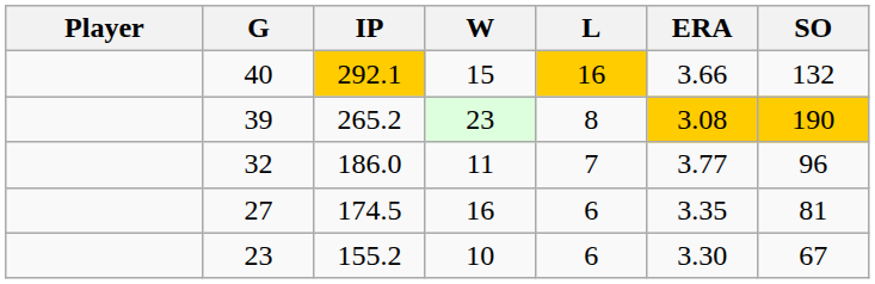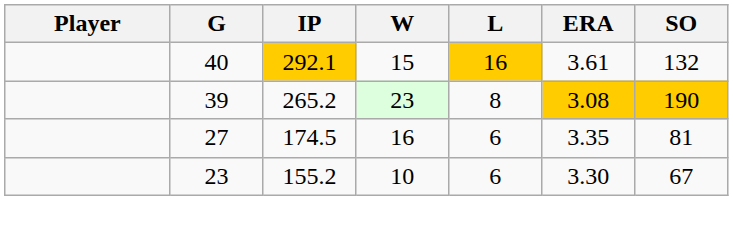 <table class="wikitable sortable">
 <tr>
 <th bgcolor="#DDDDFF" width="16%">Player</th>
 <th bgcolor="#DDDDFF" width="9%">G</th>
 <th bgcolor="#DDDDFF" width="9%">IP</th>
 <th bgcolor="#DDDDFF" width="9%">W</th>
 <th bgcolor="#DDDDFF" width="9%">L</th>
 <th bgcolor="#DDDDFF" width="9%">ERA</th>
 <th bgcolor="#DDDDFF" width="9%">SO</th>
 </tr>
 <tr align=center>
 <td></td>
 <td>40</td>
 <td bgcolor="#FFCC00">292.1</td>
 <td>15</td>
 <td bgcolor="#FFCC00">16</td>
-<td>3.66</td>
+<td>3.61</td>
 <td>132</td>
 </tr>
 <tr align=center>
 <td></td>
 <td>39</td>
 <td>265.2</td>
 <td bgcolor="#DDFFDD">23</td>
 <td>8</td>
 <td bgcolor="#FFCC00">3.08</td>
 <td bgcolor="#FFCC00">190</td>
-</tr>
-<tr align=center>
-<td></td>
-<td>32</td>
-<td>186.0</td>
-<td>11</td>
-<td>7</td>
-<td>3.77</td>
-<td>96</td>
 </tr>
 <tr align=center>
 <td></td>
 <td>27</td>
 <td>174.5</td>
 <td>16</td>
 <td>6</td>
 <td>3.35</td>
 <td>81</td>
 </tr>
 <tr align=center>
 <td></td>
 <td>23</td>
 <td>155.2</td>
 <td>10</td>
 <td>6</td>
 <td>3.30</td>
 <td>67</td>
 </tr>
 </table>
